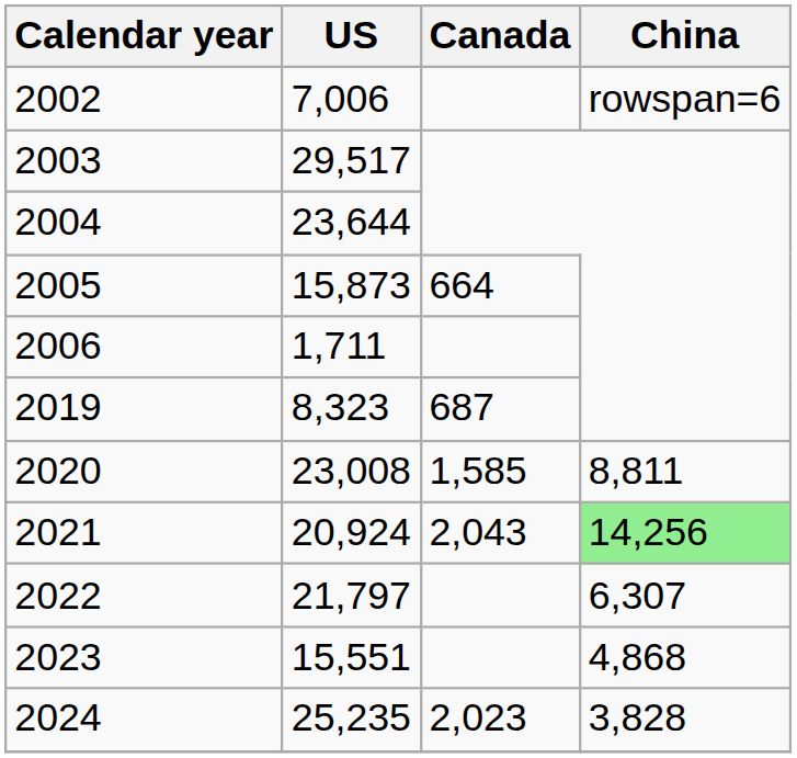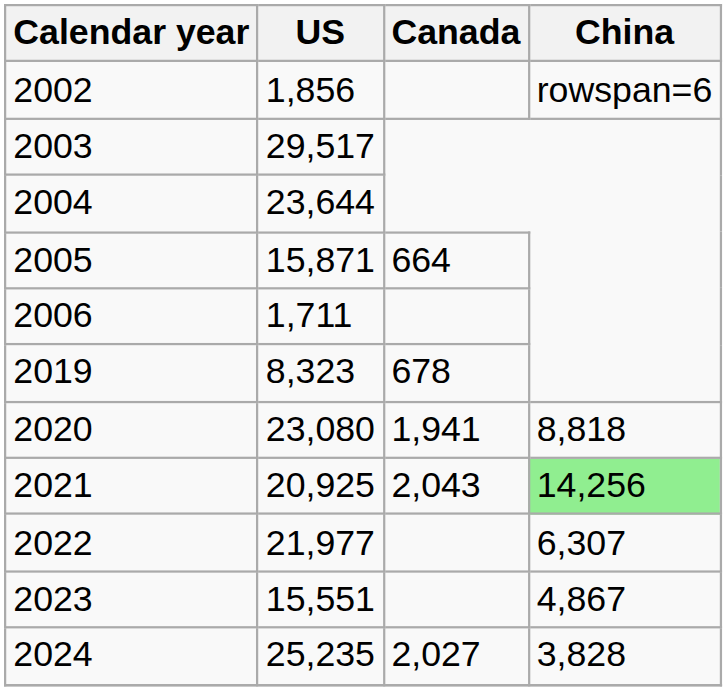 <table class="wikitable">
 <tr>
 <th>Calendar year</th>
 <th>US</th>
 <th>Canada</th>
 <th>China</th>
 </tr>
 <tr>
 <td>2002</td>
-<td>7,006</td>
+<td>1,856</td>
 <td></td>
 <td>rowspan=6 </td>
 </tr>
 <tr>
 <td>2003</td>
 <td>29,517</td>
 </tr>
 <tr>
 <td>2004</td>
 <td>23,644</td>
 </tr>
 <tr>
 <td>2005</td>
-<td>15,873</td>
+<td>15,871</td>
 <td>664</td>
 </tr>
 <tr>
 <td>2006</td>
 <td>1,711</td>
 <td></td>
 </tr>
 <tr>
 <td>2019</td>
 <td>8,323</td>
-<td>687</td>
+<td>678</td>
 </tr>
 <tr>
 <td>2020</td>
-<td>23,008</td>
-<td>1,585</td>
-<td>8,811</td>
+<td>23,080</td>
+<td>1,941</td>
+<td>8,818</td>
 </tr>
 <tr>
 <td>2021</td>
-<td>20,924</td>
+<td>20,925</td>
 <td>2,043</td>
 <td style="background: lightgreen;">14,256</td>
 </tr>
 <tr>
 <td>2022</td>
-<td>21,797</td>
+<td>21,977</td>
 <td></td>
 <td>6,307</td>
 </tr>
 <tr>
 <td>2023</td>
 <td>15,551</td>
 <td></td>
-<td>4,868</td>
+<td>4,867</td>
 </tr>
 <tr>
 <td>2024</td>
 <td>25,235</td>
-<td>2,023</td>
+<td>2,027</td>
 <td>3,828</td>
 </tr>
 <tr>
 </tr>
 </table>
